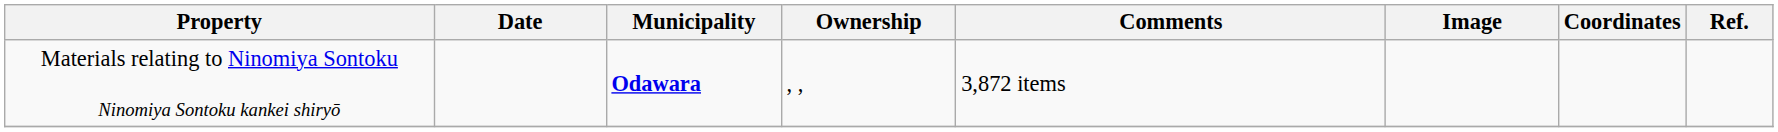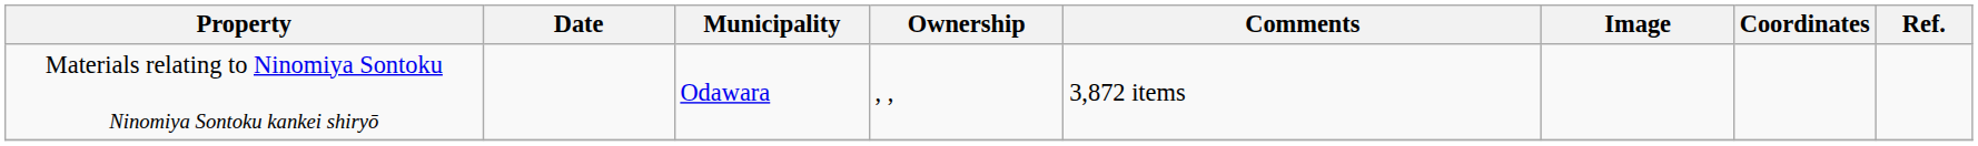 <table class="wikitable sortable"  style="width:100%;">
 <tr>
 <th width="25%" align="left">Property</th>
 <th width="10%" align="left" data-sort-type="number">Date</th>
 <th width="10%" align="left">Municipality</th>
 <th width="10%" align="left">Ownership</th>
 <th width="25%" align="left" class="unsortable">Comments</th>
 <th width="10%" align="left" class="unsortable">Image</th>
 <th width="5%" align="left" class="unsortable">Coordinates</th>
 <th width="5%" align="left" class="unsortable">Ref.</th>
 </tr>
 <tr>
 <td align="center">Materials relating to <a href='#'>Ninomiya Sontoku</a><br><br><small><em>Ninomiya Sontoku kankei shiryō</em></small></td>
 <td></td>
-<td><strong><a href='#'>Odawara</a></strong></td>
+<td><a href='#'>Odawara</a></td>
 <td>, , </td>
 <td>3,872 items</td>
 <td></td>
 <td></td>
 <td></td>
 </tr>
 <tr>
 </tr>
 </table>
